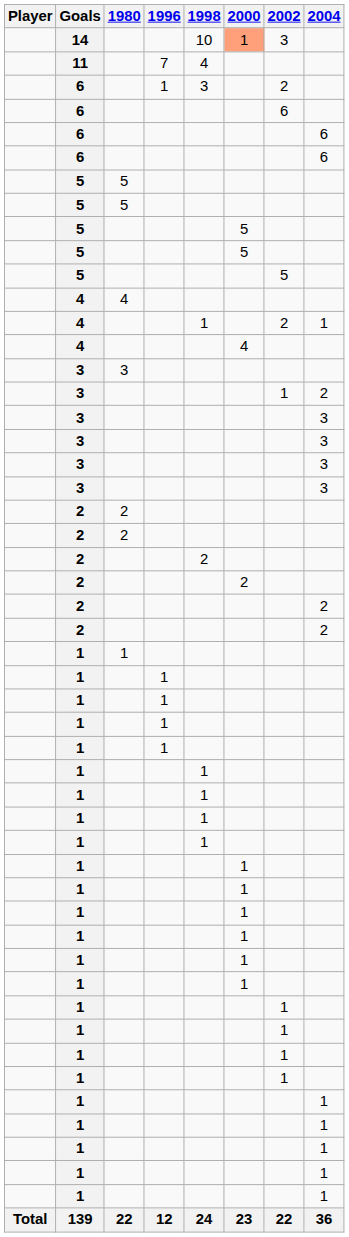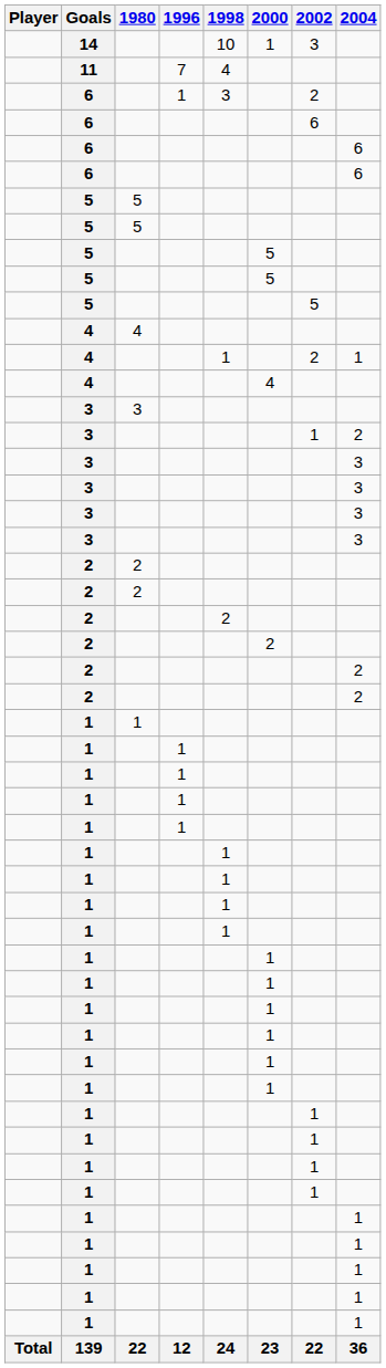 <table class="wikitable sortable" style="text-align:center;">
 <tr>
 <th>Player</th>
 <th>Goals</th>
 <th><a href='#'>1980</a></th>
 <th><a href='#'>1996</a></th>
 <th><a href='#'>1998</a></th>
 <th><a href='#'>2000</a></th>
 <th><a href='#'>2002</a></th>
 <th><a href='#'>2004</a></th>
 </tr>
 <tr>
 <td align="left"></td>
 <th>14</th>
 <td></td>
 <td></td>
 <td>10</td>
-<td style="background: lightsalmon;">1</td>
+<td>1</td>
 <td>3</td>
 <td></td>
 </tr>
 <tr>
 <td align="left"></td>
 <th>11</th>
 <td></td>
 <td>7</td>
 <td>4</td>
 <td></td>
 <td></td>
 <td></td>
 </tr>
 <tr>
 <td align="left"></td>
 <th>6</th>
 <td></td>
 <td>1</td>
 <td>3</td>
 <td></td>
 <td>2</td>
 <td></td>
 </tr>
 <tr>
 <td align="left"></td>
 <th>6</th>
 <td></td>
 <td></td>
 <td></td>
 <td></td>
 <td>6</td>
 <td></td>
 </tr>
 <tr>
 <td align="left"></td>
 <th>6</th>
 <td></td>
 <td></td>
 <td></td>
 <td></td>
 <td></td>
 <td>6</td>
 </tr>
 <tr>
 <td align="left"></td>
 <th>6</th>
 <td></td>
 <td></td>
 <td></td>
 <td></td>
 <td></td>
 <td>6</td>
 </tr>
 <tr>
 <td align="left"></td>
 <th>5</th>
 <td>5</td>
 <td></td>
 <td></td>
 <td></td>
 <td></td>
 <td></td>
 </tr>
 <tr>
 <td align="left"></td>
 <th>5</th>
 <td>5</td>
 <td></td>
 <td></td>
 <td></td>
 <td></td>
 <td></td>
 </tr>
 <tr>
 <td align="left"></td>
 <th>5</th>
 <td></td>
 <td></td>
 <td></td>
 <td>5</td>
 <td></td>
 <td></td>
 </tr>
 <tr>
 <td align="left"></td>
 <th>5</th>
 <td></td>
 <td></td>
 <td></td>
 <td>5</td>
 <td></td>
 <td></td>
 </tr>
 <tr>
 <td align="left"></td>
 <th>5</th>
 <td></td>
 <td></td>
 <td></td>
 <td></td>
 <td>5</td>
 <td></td>
 </tr>
 <tr>
 <td align="left"></td>
 <th>4</th>
 <td>4</td>
 <td></td>
 <td></td>
 <td></td>
 <td></td>
 <td></td>
 </tr>
 <tr>
 <td align="left"></td>
 <th>4</th>
 <td></td>
 <td></td>
 <td>1</td>
 <td></td>
 <td>2</td>
 <td>1</td>
 </tr>
 <tr>
 <td align="left"></td>
 <th>4</th>
 <td></td>
 <td></td>
 <td></td>
 <td>4</td>
 <td></td>
 <td></td>
 </tr>
 <tr>
 <td align="left"></td>
 <th>3</th>
 <td>3</td>
 <td></td>
 <td></td>
 <td></td>
 <td></td>
 <td></td>
 </tr>
 <tr>
 <td align="left"></td>
 <th>3</th>
 <td></td>
 <td></td>
 <td></td>
 <td></td>
 <td>1</td>
 <td>2</td>
 </tr>
 <tr>
 <td align="left"></td>
 <th>3</th>
 <td></td>
 <td></td>
 <td></td>
 <td></td>
 <td></td>
 <td>3</td>
 </tr>
 <tr>
 <td align="left"></td>
 <th>3</th>
 <td></td>
 <td></td>
 <td></td>
 <td></td>
 <td></td>
 <td>3</td>
 </tr>
 <tr>
 <td align="left"></td>
 <th>3</th>
 <td></td>
 <td></td>
 <td></td>
 <td></td>
 <td></td>
 <td>3</td>
 </tr>
 <tr>
 <td align="left"></td>
 <th>3</th>
 <td></td>
 <td></td>
 <td></td>
 <td></td>
 <td></td>
 <td>3</td>
 </tr>
 <tr>
 <td align="left"></td>
 <th>2</th>
 <td>2</td>
 <td></td>
 <td></td>
 <td></td>
 <td></td>
 <td></td>
 </tr>
 <tr>
 <td align="left"></td>
 <th>2</th>
 <td>2</td>
 <td></td>
 <td></td>
 <td></td>
 <td></td>
 <td></td>
 </tr>
 <tr>
 <td align="left"></td>
 <th>2</th>
 <td></td>
 <td></td>
 <td>2</td>
 <td></td>
 <td></td>
 <td></td>
 </tr>
 <tr>
 <td align="left"></td>
 <th>2</th>
 <td></td>
 <td></td>
 <td></td>
 <td>2</td>
 <td></td>
 <td></td>
 </tr>
 <tr>
 <td align="left"></td>
 <th>2</th>
 <td></td>
 <td></td>
 <td></td>
 <td></td>
 <td></td>
 <td>2</td>
 </tr>
 <tr>
 <td align="left"></td>
 <th>2</th>
 <td></td>
 <td></td>
 <td></td>
 <td></td>
 <td></td>
 <td>2</td>
 </tr>
 <tr>
 <td align="left"></td>
 <th>1</th>
 <td>1</td>
 <td></td>
 <td></td>
 <td></td>
 <td></td>
 <td></td>
 </tr>
 <tr>
 <td align="left"></td>
 <th>1</th>
 <td></td>
 <td>1</td>
 <td></td>
 <td></td>
 <td></td>
 <td></td>
 </tr>
 <tr>
 <td align="left"></td>
 <th>1</th>
 <td></td>
 <td>1</td>
 <td></td>
 <td></td>
 <td></td>
 <td></td>
 </tr>
 <tr>
 <td align="left"></td>
 <th>1</th>
 <td></td>
 <td>1</td>
 <td></td>
 <td></td>
 <td></td>
 <td></td>
 </tr>
 <tr>
 <td align="left"></td>
 <th>1</th>
 <td></td>
 <td>1</td>
 <td></td>
 <td></td>
 <td></td>
 <td></td>
 </tr>
 <tr>
 <td align="left"></td>
 <th>1</th>
 <td></td>
 <td></td>
 <td>1</td>
 <td></td>
 <td></td>
 <td></td>
 </tr>
 <tr>
 <td align="left"></td>
 <th>1</th>
 <td></td>
 <td></td>
 <td>1</td>
 <td></td>
 <td></td>
 <td></td>
 </tr>
 <tr>
 <td align="left"></td>
 <th>1</th>
 <td></td>
 <td></td>
 <td>1</td>
 <td></td>
 <td></td>
 <td></td>
 </tr>
 <tr>
 <td align="left"></td>
 <th>1</th>
 <td></td>
 <td></td>
 <td>1</td>
 <td></td>
 <td></td>
 <td></td>
 </tr>
 <tr>
 <td align="left"></td>
 <th>1</th>
 <td></td>
 <td></td>
 <td></td>
 <td>1</td>
 <td></td>
 <td></td>
 </tr>
 <tr>
 <td align="left"></td>
 <th>1</th>
 <td></td>
 <td></td>
 <td></td>
 <td>1</td>
 <td></td>
 <td></td>
 </tr>
 <tr>
 <td align="left"></td>
 <th>1</th>
 <td></td>
 <td></td>
 <td></td>
 <td>1</td>
 <td></td>
 <td></td>
 </tr>
 <tr>
 <td align="left"></td>
 <th>1</th>
 <td></td>
 <td></td>
 <td></td>
 <td>1</td>
 <td></td>
 <td></td>
 </tr>
 <tr>
 <td align="left"></td>
 <th>1</th>
 <td></td>
 <td></td>
 <td></td>
 <td>1</td>
 <td></td>
 <td></td>
 </tr>
 <tr>
 <td align="left"></td>
 <th>1</th>
 <td></td>
 <td></td>
 <td></td>
 <td>1</td>
 <td></td>
 <td></td>
 </tr>
 <tr>
 <td align="left"></td>
 <th>1</th>
 <td></td>
 <td></td>
 <td></td>
 <td></td>
 <td>1</td>
 <td></td>
 </tr>
 <tr>
 <td align="left"></td>
 <th>1</th>
 <td></td>
 <td></td>
 <td></td>
 <td></td>
 <td>1</td>
 <td></td>
 </tr>
 <tr>
 <td align="left"></td>
 <th>1</th>
 <td></td>
 <td></td>
 <td></td>
 <td></td>
 <td>1</td>
 <td></td>
 </tr>
 <tr>
 <td align="left"></td>
 <th>1</th>
 <td></td>
 <td></td>
 <td></td>
 <td></td>
 <td>1</td>
 <td></td>
 </tr>
 <tr>
 <td align="left"></td>
 <th>1</th>
 <td></td>
 <td></td>
 <td></td>
 <td></td>
 <td></td>
 <td>1</td>
 </tr>
 <tr>
 <td align="left"></td>
 <th>1</th>
 <td></td>
 <td></td>
 <td></td>
 <td></td>
 <td></td>
 <td>1</td>
 </tr>
 <tr>
 <td align="left"></td>
 <th>1</th>
 <td></td>
 <td></td>
 <td></td>
 <td></td>
 <td></td>
 <td>1</td>
 </tr>
 <tr>
 <td align="left"></td>
 <th>1</th>
 <td></td>
 <td></td>
 <td></td>
 <td></td>
 <td></td>
 <td>1</td>
 </tr>
 <tr>
 <td align="left"></td>
 <th>1</th>
 <td></td>
 <td></td>
 <td></td>
 <td></td>
 <td></td>
 <td>1</td>
 </tr>
 <tr class="sortbottom">
 <th>Total</th>
 <th>139</th>
 <th>22</th>
 <th>12</th>
 <th>24</th>
 <th>23</th>
 <th>22</th>
 <th>36</th>
 </tr>
 </table>
